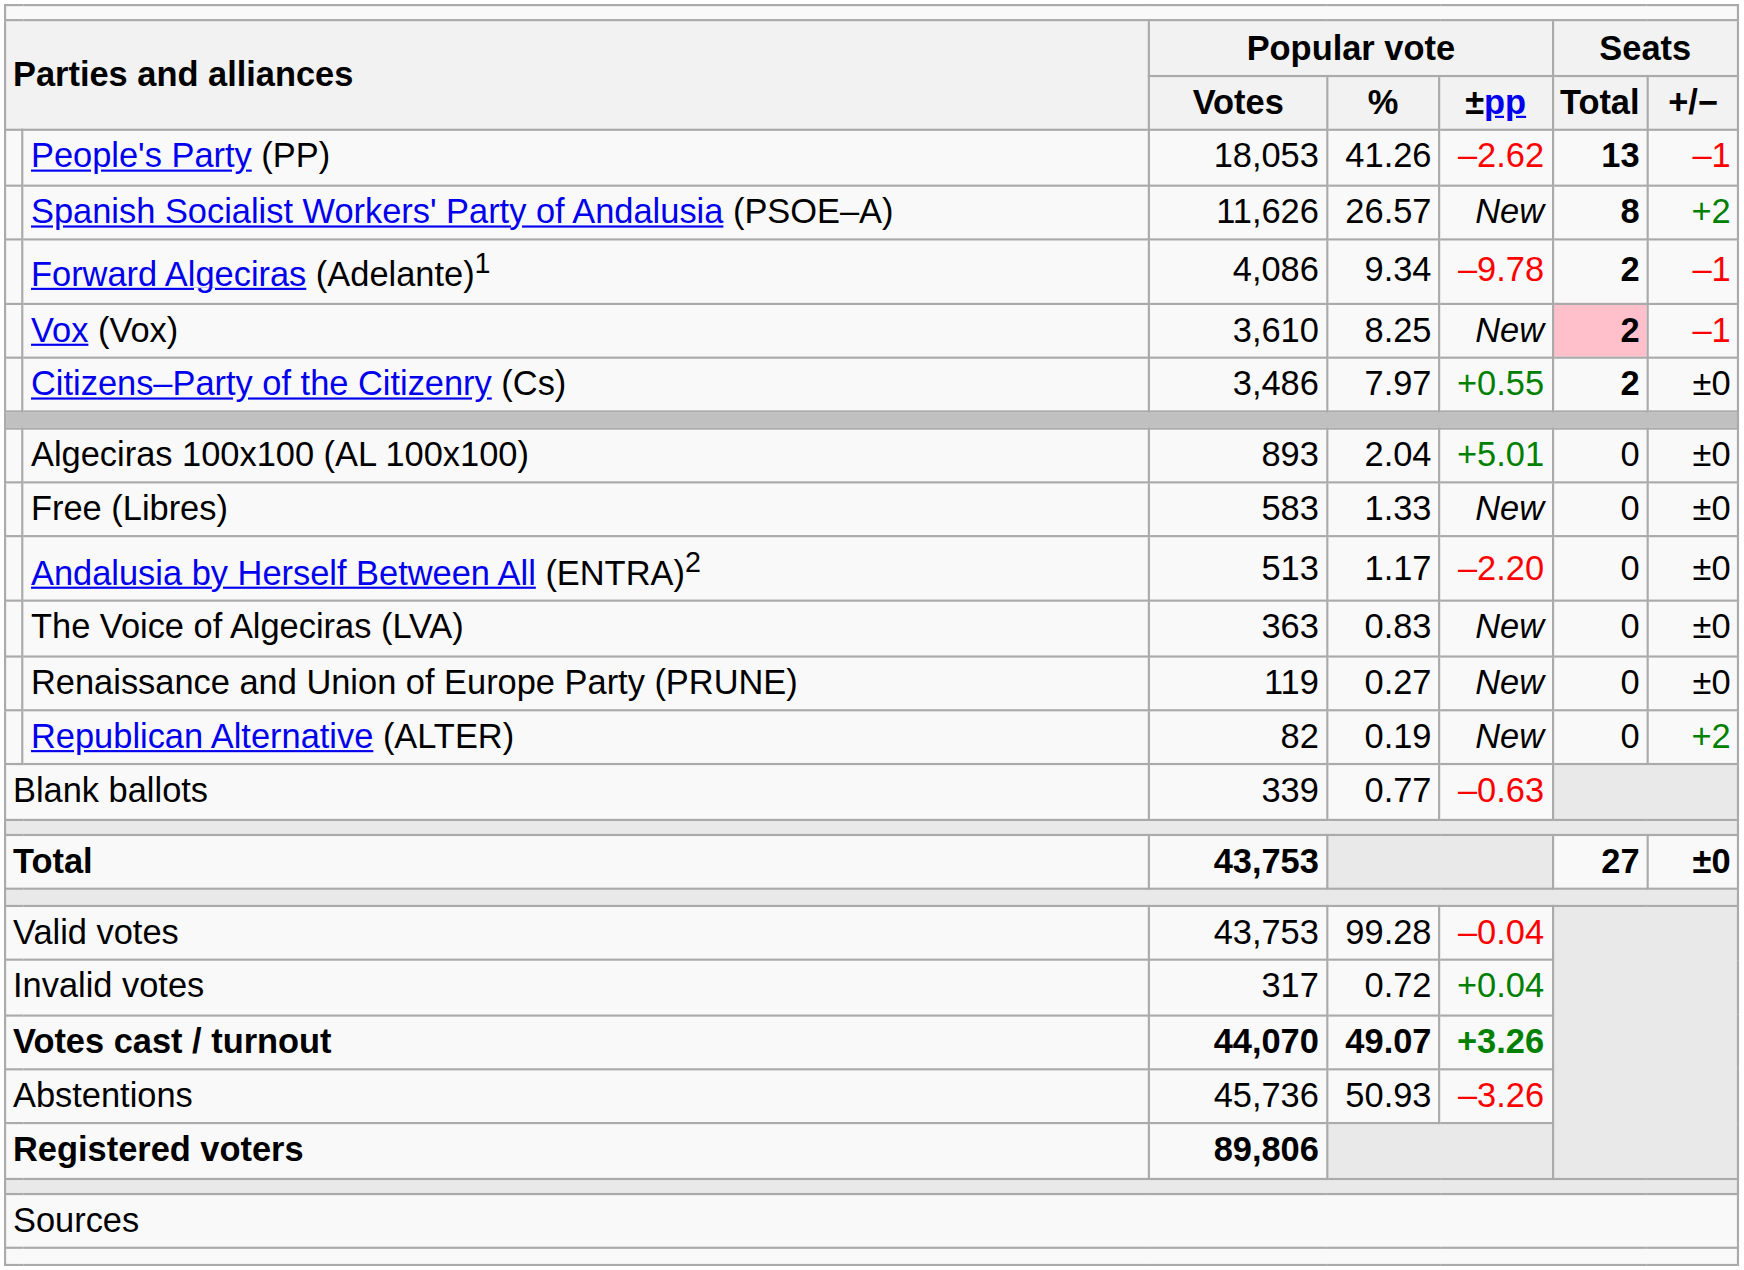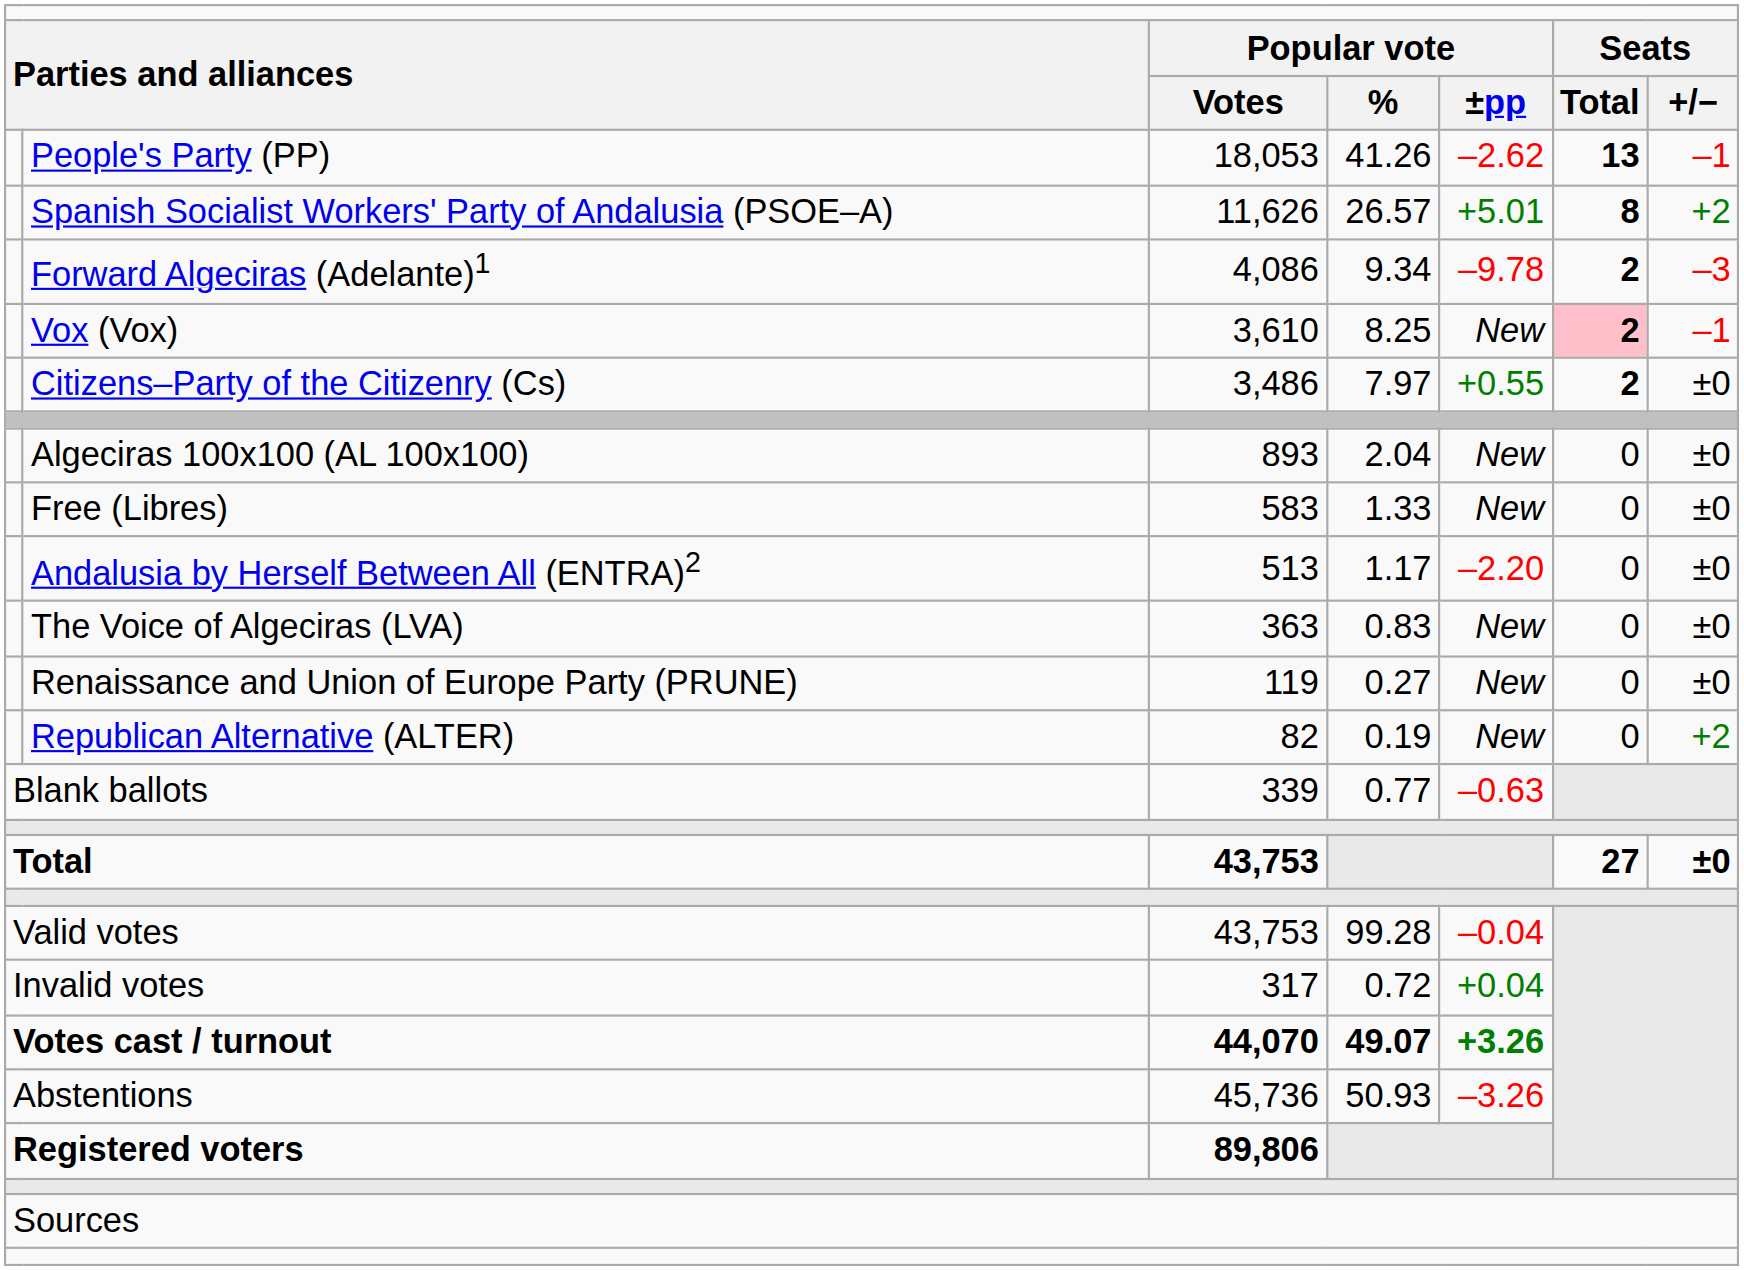 <table class="wikitable" style="text-align:right;">
 <tr>
 <td colspan="7"></td>
 </tr>
 <tr>
 <th style="text-align:left;" rowspan="2" colspan="2" width="525">Parties and alliances</th>
 <th colspan="3">Popular vote</th>
 <th colspan="2">Seats</th>
 </tr>
 <tr>
 <th width="75">Votes</th>
 <th width="45">%</th>
 <th width="45">±<a href='#'>pp</a></th>
 <th width="35">Total</th>
 <th width="35">+/−</th>
 </tr>
 <tr>
 <td width="1" style="color:inherit;background:"></td>
 <td align="left"><a href='#'>People's Party</a> (PP)</td>
 <td>18,053</td>
 <td>41.26</td>
 <td style="color:red;">–2.62</td>
 <td><strong>13</strong></td>
 <td style="color:red;">–1</td>
 </tr>
 <tr>
 <td style="color:inherit;background:"></td>
 <td align="left"><a href='#'>Spanish Socialist Workers' Party of Andalusia</a> (PSOE–A)</td>
 <td>11,626</td>
 <td>26.57</td>
-<td><em>New</em></td>
+<td style="color:green;">+5.01</td>
 <td><strong>8</strong></td>
 <td style="color:green;">+2</td>
 </tr>
 <tr>
 <td style="color:inherit;background:"></td>
 <td align="left"><a href='#'>Forward Algeciras</a> (Adelante)<sup>1</sup></td>
 <td>4,086</td>
 <td>9.34</td>
 <td style="color:red;">–9.78</td>
 <td><strong>2</strong></td>
-<td style="color:red;">–1</td>
+<td style="color:red;">–3</td>
 </tr>
 <tr>
 <td style="color:inherit;background:"></td>
 <td align="left"><a href='#'>Vox</a> (Vox)</td>
 <td>3,610</td>
 <td>8.25</td>
 <td><em>New</em></td>
 <td style="background: pink;"><strong>2</strong></td>
 <td style="color:red;">–1</td>
 </tr>
 <tr>
 <td style="color:inherit;background:"></td>
 <td align="left"><a href='#'>Citizens–Party of the Citizenry</a> (Cs)</td>
 <td>3,486</td>
 <td>7.97</td>
 <td style="color:green;">+0.55</td>
 <td><strong>2</strong></td>
 <td>±0</td>
 </tr>
 <tr>
 <td colspan="7" bgcolor="#C0C0C0"></td>
 </tr>
 <tr>
 <td style="color:inherit;background:"></td>
 <td align="left">Algeciras 100x100 (AL 100x100)</td>
 <td>893</td>
 <td>2.04</td>
-<td style="color:green;">+5.01</td>
+<td><em>New</em></td>
 <td>0</td>
 <td>±0</td>
 </tr>
 <tr>
 <td style="color:inherit;background:"></td>
 <td align="left">Free (Libres)</td>
 <td>583</td>
 <td>1.33</td>
 <td><em>New</em></td>
 <td>0</td>
 <td>±0</td>
 </tr>
 <tr>
 <td style="color:inherit;background:"></td>
 <td align="left"><a href='#'>Andalusia by Herself Between All</a> (ENTRA)<sup>2</sup></td>
 <td>513</td>
 <td>1.17</td>
 <td style="color:red;">–2.20</td>
 <td>0</td>
 <td>±0</td>
 </tr>
 <tr>
 <td style="color:inherit;background:"></td>
 <td align="left">The Voice of Algeciras (LVA)</td>
 <td>363</td>
 <td>0.83</td>
 <td><em>New</em></td>
 <td>0</td>
 <td>±0</td>
 </tr>
 <tr>
 <td style="color:inherit;background:"></td>
 <td align="left">Renaissance and Union of Europe Party (PRUNE)</td>
 <td>119</td>
 <td>0.27</td>
 <td><em>New</em></td>
 <td>0</td>
 <td>±0</td>
 </tr>
 <tr>
 <td style="color:inherit;background:"></td>
 <td align="left"><a href='#'>Republican Alternative</a> (ALTER)</td>
 <td>82</td>
 <td>0.19</td>
 <td><em>New</em></td>
 <td>0</td>
 <td style="color:green;">+2</td>
 </tr>
 <tr>
 <td align="left" colspan="2">Blank ballots</td>
 <td>339</td>
 <td>0.77</td>
 <td style="color:red;">–0.63</td>
 <td bgcolor="#E9E9E9" colspan="2"></td>
 </tr>
 <tr>
 <td colspan="7" bgcolor="#E9E9E9"></td>
 </tr>
 <tr style="font-weight:bold;">
 <td align="left" colspan="2">Total</td>
 <td>43,753</td>
 <td bgcolor="#E9E9E9" colspan="2"></td>
 <td>27</td>
 <td>±0</td>
 </tr>
 <tr>
 <td colspan="7" bgcolor="#E9E9E9"></td>
 </tr>
 <tr>
 <td align="left" colspan="2">Valid votes</td>
 <td>43,753</td>
 <td>99.28</td>
 <td style="color:red;">–0.04</td>
 <td bgcolor="#E9E9E9" colspan="2" rowspan="5"></td>
 </tr>
 <tr>
 <td align="left" colspan="2">Invalid votes</td>
 <td>317</td>
 <td>0.72</td>
 <td style="color:green;">+0.04</td>
 </tr>
 <tr style="font-weight:bold;">
 <td align="left" colspan="2">Votes cast / turnout</td>
 <td>44,070</td>
 <td>49.07</td>
 <td style="color:green;">+3.26</td>
 </tr>
 <tr>
 <td align="left" colspan="2">Abstentions</td>
 <td>45,736</td>
 <td>50.93</td>
 <td style="color:red;">–3.26</td>
 </tr>
 <tr style="font-weight:bold;">
 <td align="left" colspan="2">Registered voters</td>
 <td>89,806</td>
 <td bgcolor="#E9E9E9" colspan="2"></td>
 </tr>
 <tr>
 <td colspan="7" bgcolor="#E9E9E9"></td>
 </tr>
 <tr>
 <td align="left" colspan="7">Sources</td>
 </tr>
 <tr>
 <td colspan="7" style="text-align:left; max-width:790px;"></td>
 </tr>
 </table>
